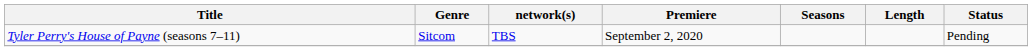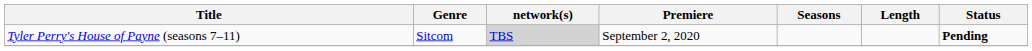 <table class="wikitable sortable" style="width:100%;">
 <tr>
 <th>Title</th>
 <th>Genre</th>
 <th> network(s)</th>
 <th>Premiere</th>
 <th>Seasons</th>
 <th>Length</th>
 <th>Status</th>
 </tr>
 <tr>
 <td><em><a href='#'>Tyler Perry's House of Payne</a></em> (seasons 7–11)</td>
 <td><a href='#'>Sitcom</a></td>
-<td><a href='#'>TBS</a></td>
+<td style="background: lightgrey;"><a href='#'>TBS</a></td>
 <td>September 2, 2020</td>
 <td></td>
 <td></td>
-<td>Pending</td>
+<td><strong>Pending</strong></td>
 </tr>
 <tr>
 </tr>
 </table>
